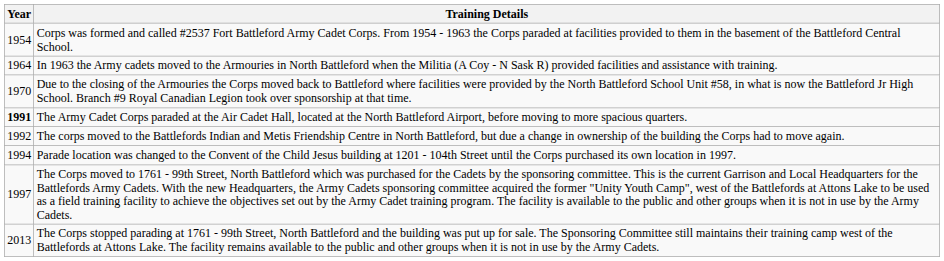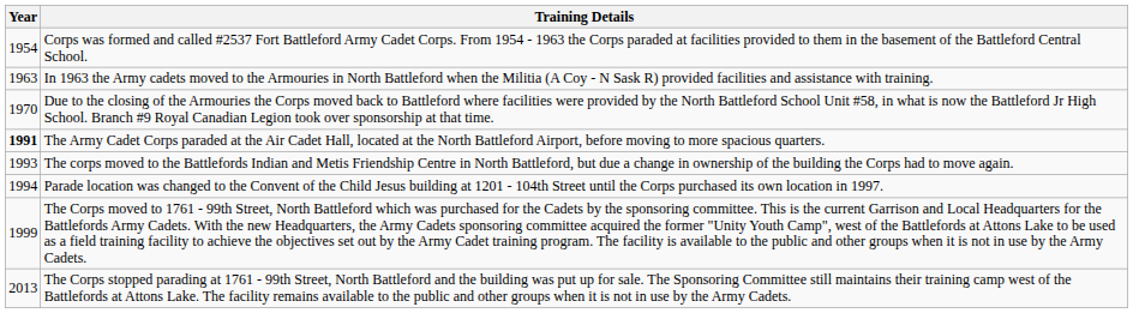 <table class="wikitable">
 <tr>
 <th>Year</th>
 <th>Training Details</th>
 </tr>
 <tr>
 <td>1954</td>
 <td>Corps was formed and called #2537 Fort Battleford Army Cadet Corps. From 1954 - 1963 the Corps paraded at facilities provided to them in the basement of the Battleford Central School.</td>
 </tr>
 <tr>
-<td>1964</td>
+<td>1963</td>
 <td>In 1963 the Army cadets moved to the Armouries in North Battleford when the Militia (A Coy -  N Sask R) provided facilities and assistance with training.</td>
 </tr>
 <tr>
 <td>1970</td>
 <td>Due to the closing of the Armouries the Corps moved back to Battleford where facilities were provided by the North Battleford School Unit #58, in what is now the Battleford Jr High School. Branch #9 Royal Canadian Legion took over sponsorship at that time.</td>
 </tr>
 <tr>
 <td><strong>1991</strong></td>
 <td>The Army Cadet Corps paraded at the Air Cadet Hall, located at the North Battleford Airport, before moving to more spacious quarters.</td>
 </tr>
 <tr>
-<td>1992</td>
+<td>1993</td>
 <td>The corps moved to the Battlefords Indian and Metis Friendship Centre in North Battleford, but due a change in ownership of the building the Corps had to move again.</td>
 </tr>
 <tr>
 <td>1994</td>
 <td>Parade location was changed to the Convent of the Child Jesus building at 1201 - 104th Street until the Corps purchased its own location in 1997.</td>
 </tr>
 <tr>
-<td>1997</td>
+<td>1999</td>
 <td>The Corps moved to 1761 - 99th Street, North Battleford which was purchased for the Cadets by the sponsoring committee.  This is the current Garrison and Local Headquarters for the Battlefords Army Cadets. With the new Headquarters, the Army Cadets sponsoring committee acquired the former "Unity Youth Camp", west of the Battlefords at Attons Lake to be used as a field training facility to achieve the objectives set out by the Army Cadet training program. The facility is available to the public and other groups when it is not in use by the Army Cadets.</td>
 </tr>
 <tr>
 <td>2013</td>
 <td>The Corps stopped parading at 1761 - 99th Street, North Battleford and the building was put up for sale.  The Sponsoring Committee still maintains their training camp west of the Battlefords at Attons Lake.  The facility remains available to the public and other groups when it is not in use by the Army Cadets.</td>
 </tr>
 </table>
